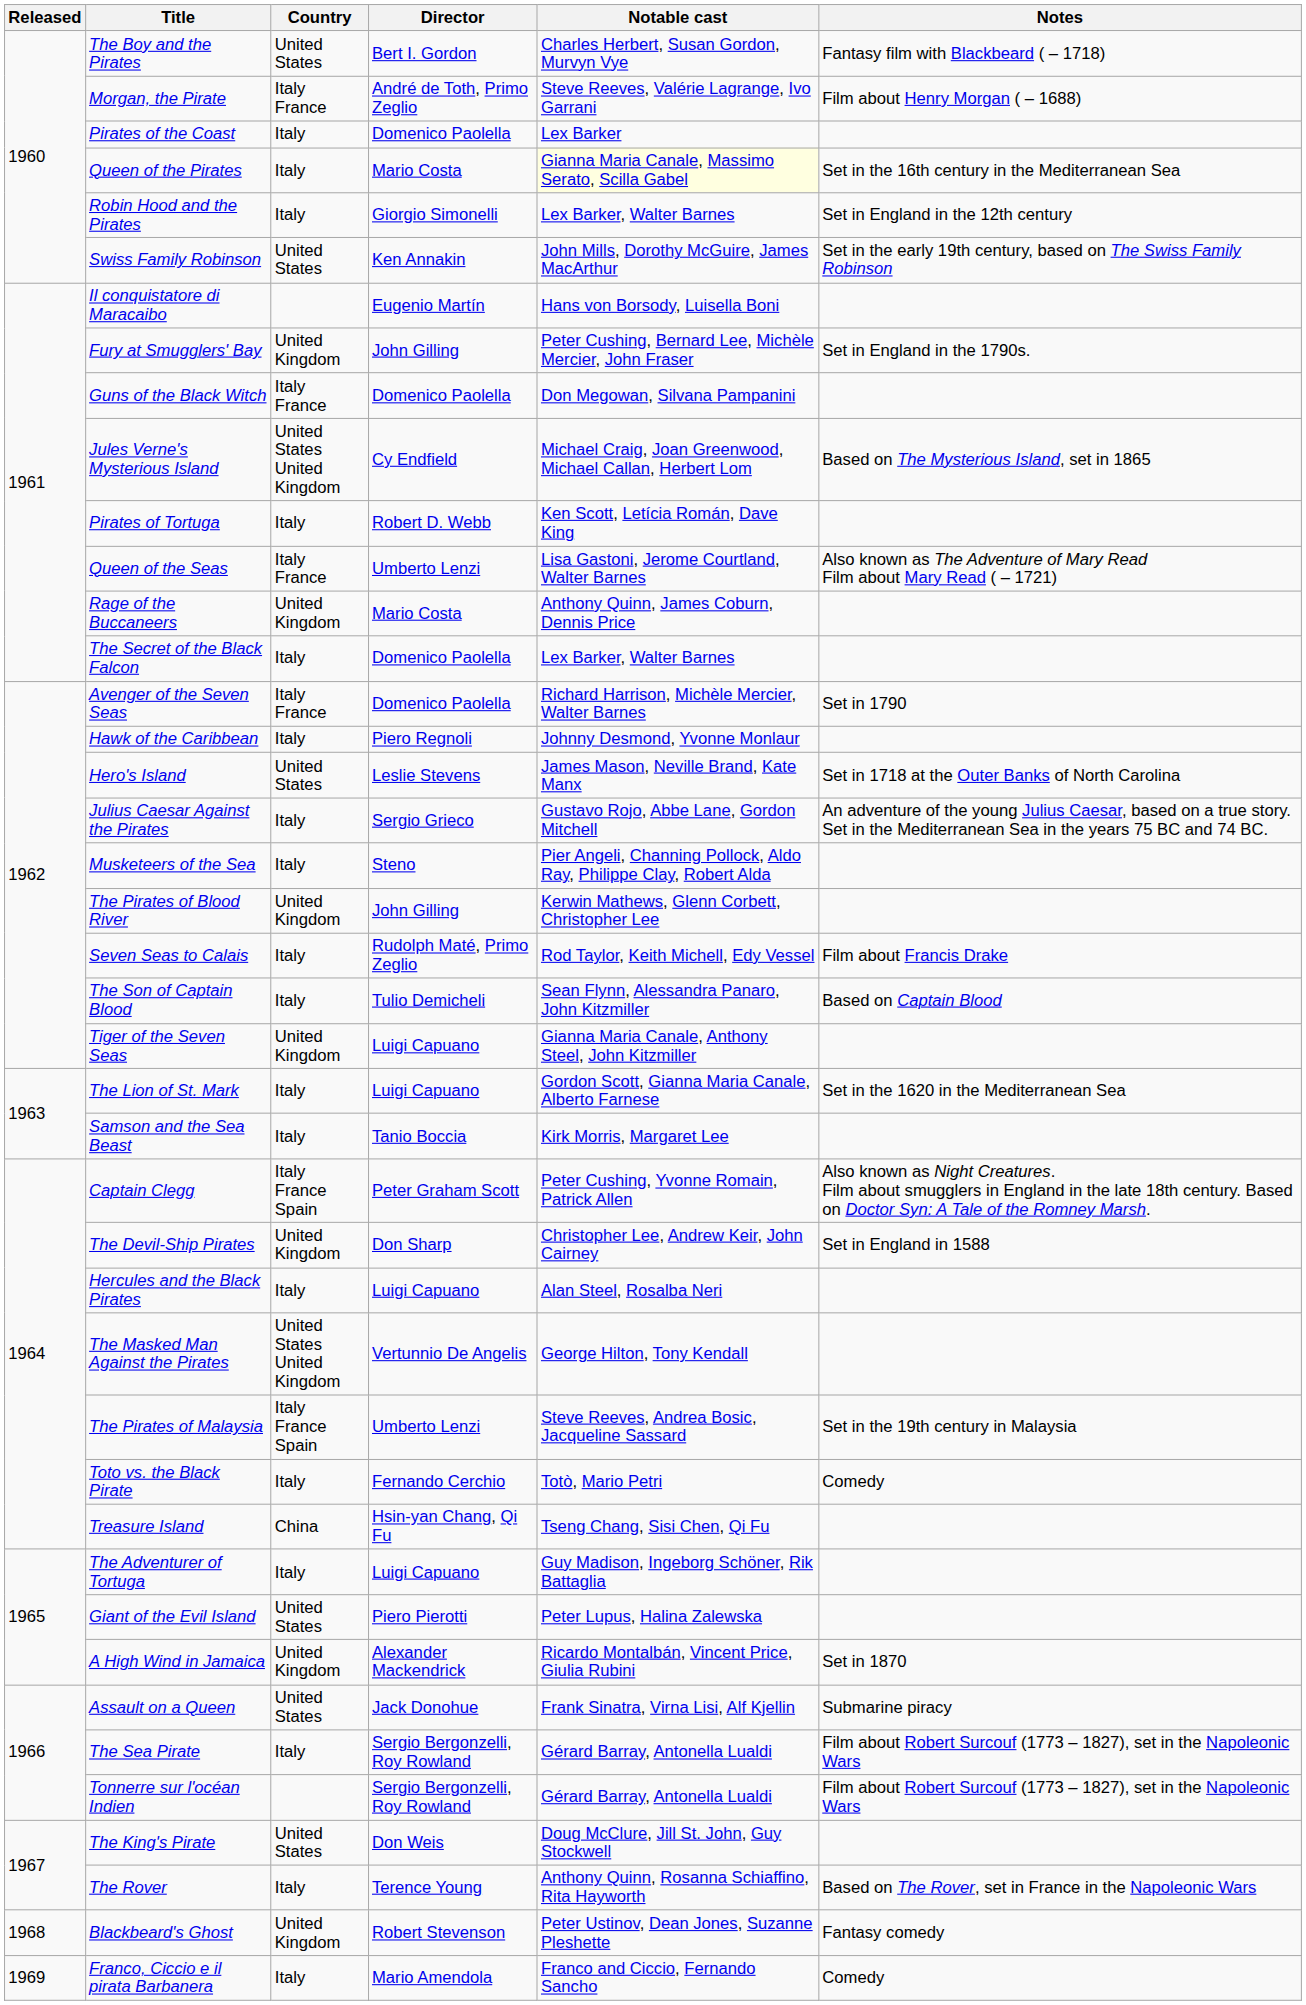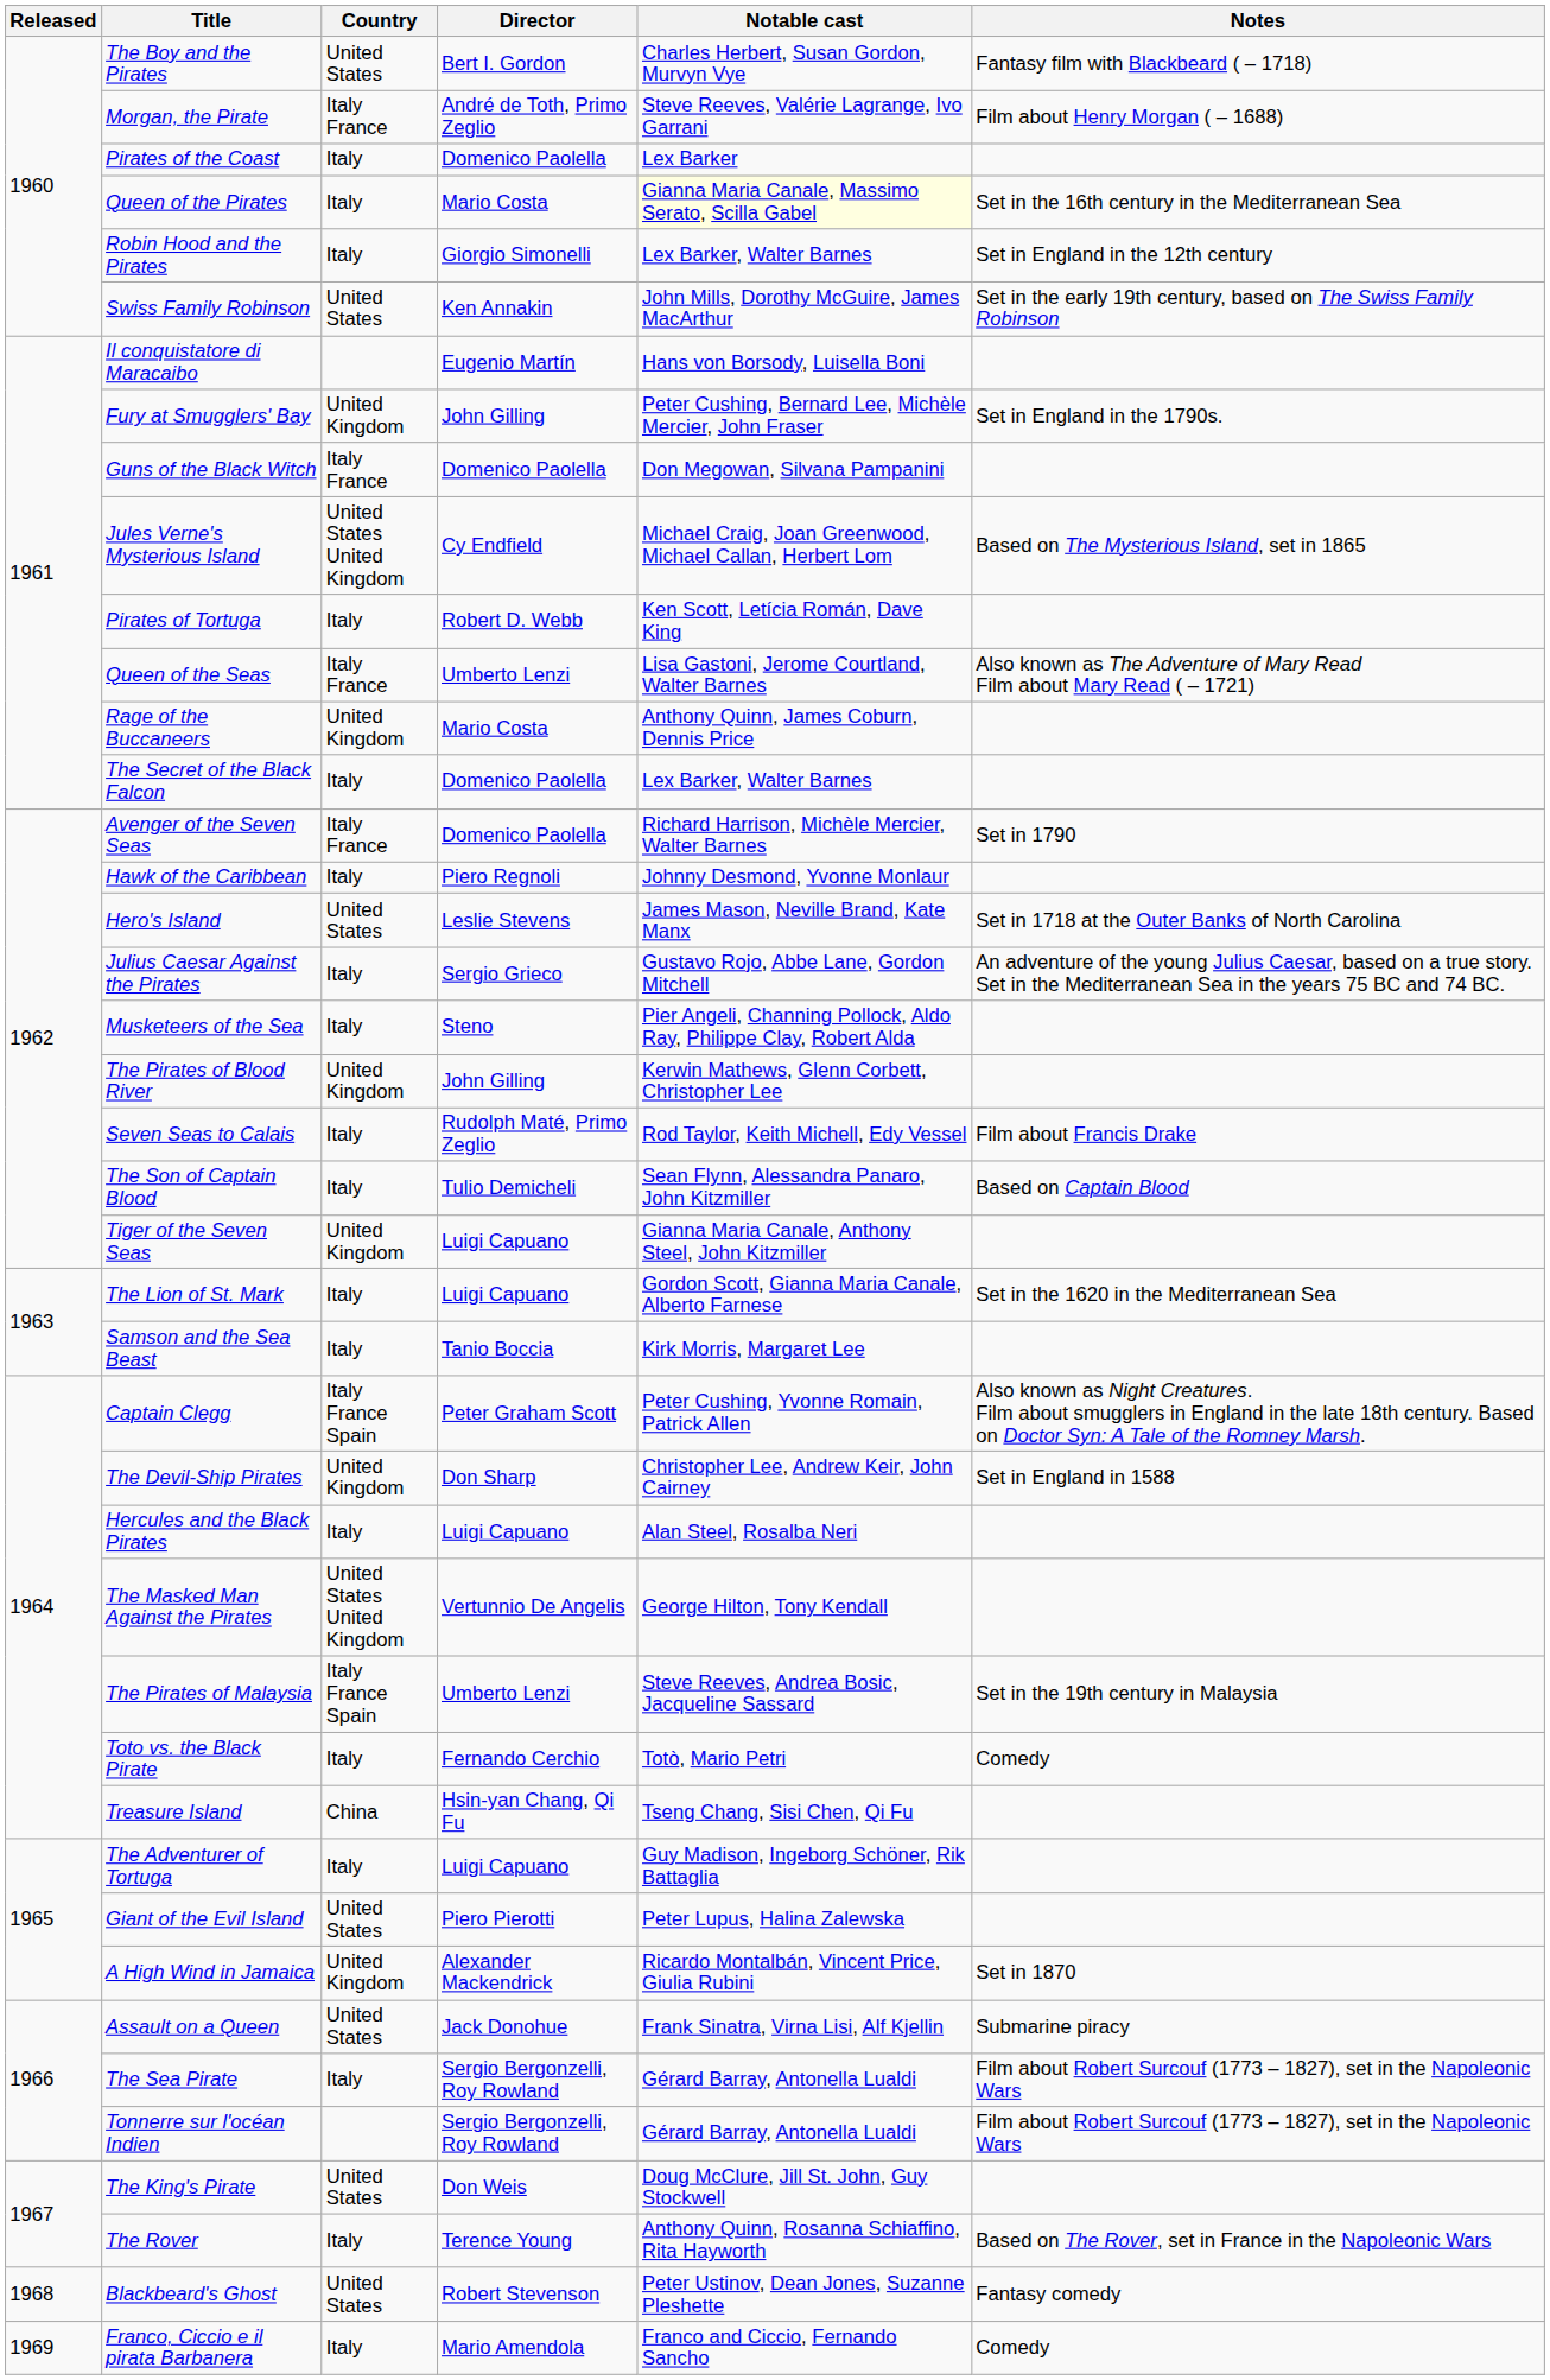 <table class="wikitable sortable">
 <tr>
 <th>Released</th>
 <th>Title</th>
 <th>Country</th>
 <th>Director</th>
 <th>Notable cast</th>
 <th>Notes</th>
 </tr>
 <tr>
 <td rowspan="6">1960</td>
 <td><em><a href='#'>The Boy and the Pirates</a></em></td>
 <td>United States</td>
 <td><a href='#'>Bert I. Gordon</a></td>
 <td><a href='#'>Charles Herbert</a>, <a href='#'>Susan Gordon</a>, <a href='#'>Murvyn Vye</a></td>
 <td>Fantasy film with <a href='#'>Blackbeard</a> ( – 1718)<br></td>
 </tr>
 <tr>
 <td><em><a href='#'>Morgan, the Pirate</a></em></td>
 <td>Italy<br>France</td>
 <td><a href='#'>André de Toth</a>, <a href='#'>Primo Zeglio</a></td>
 <td><a href='#'>Steve Reeves</a>, <a href='#'>Valérie Lagrange</a>, <a href='#'>Ivo Garrani</a></td>
 <td>Film about <a href='#'>Henry Morgan</a> ( – 1688)</td>
 </tr>
 <tr>
 <td><em><a href='#'>Pirates of the Coast</a></em></td>
 <td>Italy</td>
 <td><a href='#'>Domenico Paolella</a></td>
 <td><a href='#'>Lex Barker</a></td>
 <td></td>
 </tr>
 <tr>
 <td><em><a href='#'>Queen of the Pirates</a></em></td>
 <td>Italy</td>
 <td><a href='#'>Mario Costa</a></td>
 <td style="background: lightyellow;"><a href='#'>Gianna Maria Canale</a>, <a href='#'>Massimo Serato</a>, <a href='#'>Scilla Gabel</a></td>
 <td>Set in the 16th century in the Mediterranean Sea</td>
 </tr>
 <tr>
 <td><em><a href='#'>Robin Hood and the Pirates</a></em></td>
 <td>Italy</td>
 <td><a href='#'>Giorgio Simonelli</a></td>
 <td><a href='#'>Lex Barker</a>, <a href='#'>Walter Barnes</a></td>
 <td>Set in England in the 12th century</td>
 </tr>
 <tr>
 <td><em><a href='#'>Swiss Family Robinson</a></em></td>
 <td>United States</td>
 <td><a href='#'>Ken Annakin</a></td>
 <td><a href='#'>John Mills</a>, <a href='#'>Dorothy McGuire</a>, <a href='#'>James MacArthur</a></td>
 <td>Set in the early 19th century, based on <em><a href='#'>The Swiss Family Robinson</a></em></td>
 </tr>
 <tr>
 <td rowspan="8">1961</td>
 <td><em><a href='#'>Il conquistatore di Maracaibo</a></em></td>
 <td></td>
 <td><a href='#'>Eugenio Martín</a></td>
 <td><a href='#'>Hans von Borsody</a>, <a href='#'>Luisella Boni</a></td>
 <td></td>
 </tr>
 <tr>
 <td><em><a href='#'>Fury at Smugglers' Bay</a></em></td>
 <td>United Kingdom</td>
 <td><a href='#'>John Gilling</a></td>
 <td><a href='#'>Peter Cushing</a>, <a href='#'>Bernard Lee</a>, <a href='#'>Michèle Mercier</a>, <a href='#'>John Fraser</a></td>
 <td>Set in England in the 1790s.</td>
 </tr>
 <tr>
 <td><em><a href='#'>Guns of the Black Witch</a></em></td>
 <td>Italy<br>France</td>
 <td><a href='#'>Domenico Paolella</a></td>
 <td><a href='#'>Don Megowan</a>, <a href='#'>Silvana Pampanini</a></td>
 <td></td>
 </tr>
 <tr>
 <td><em><a href='#'>Jules Verne's Mysterious Island</a></em></td>
 <td>United States<br>United Kingdom</td>
 <td><a href='#'>Cy Endfield</a></td>
 <td><a href='#'>Michael Craig</a>, <a href='#'>Joan Greenwood</a>, <a href='#'>Michael Callan</a>, <a href='#'>Herbert Lom</a></td>
 <td>Based on <em><a href='#'>The Mysterious Island</a></em>, set in 1865</td>
 </tr>
 <tr>
 <td><em><a href='#'>Pirates of Tortuga</a></em></td>
 <td>Italy</td>
 <td><a href='#'>Robert D. Webb</a></td>
 <td><a href='#'>Ken Scott</a>, <a href='#'>Letícia Román</a>, <a href='#'>Dave King</a></td>
 <td></td>
 </tr>
 <tr>
 <td><em><a href='#'>Queen of the Seas</a></em></td>
 <td>Italy<br>France</td>
 <td><a href='#'>Umberto Lenzi</a></td>
 <td><a href='#'>Lisa Gastoni</a>, <a href='#'>Jerome Courtland</a>, <a href='#'>Walter Barnes</a></td>
 <td>Also known as <em>The Adventure of Mary Read</em><br>Film about <a href='#'>Mary Read</a> ( – 1721)</td>
 </tr>
 <tr>
 <td><em><a href='#'>Rage of the Buccaneers</a></em></td>
 <td>United Kingdom</td>
 <td><a href='#'>Mario Costa</a></td>
 <td><a href='#'>Anthony Quinn</a>, <a href='#'>James Coburn</a>, <a href='#'>Dennis Price</a></td>
 <td></td>
 </tr>
 <tr>
 <td><em><a href='#'>The Secret of the Black Falcon</a></em></td>
 <td>Italy</td>
 <td><a href='#'>Domenico Paolella</a></td>
 <td><a href='#'>Lex Barker</a>, <a href='#'>Walter Barnes</a></td>
 <td></td>
 </tr>
 <tr>
 <td rowspan="9">1962</td>
 <td><em><a href='#'>Avenger of the Seven Seas</a></em></td>
 <td>Italy<br>France</td>
 <td><a href='#'>Domenico Paolella</a></td>
 <td><a href='#'>Richard Harrison</a>, <a href='#'>Michèle Mercier</a>, <a href='#'>Walter Barnes</a></td>
 <td>Set in 1790</td>
 </tr>
 <tr>
 <td><em><a href='#'>Hawk of the Caribbean</a></em></td>
 <td>Italy</td>
 <td><a href='#'>Piero Regnoli</a></td>
 <td><a href='#'>Johnny Desmond</a>, <a href='#'>Yvonne Monlaur</a></td>
 <td></td>
 </tr>
 <tr>
 <td><em><a href='#'>Hero's Island</a></em></td>
 <td>United States</td>
 <td><a href='#'>Leslie Stevens</a></td>
 <td><a href='#'>James Mason</a>, <a href='#'>Neville Brand</a>, <a href='#'>Kate Manx</a></td>
 <td>Set in 1718 at the <a href='#'>Outer Banks</a> of North Carolina</td>
 </tr>
 <tr>
 <td><em><a href='#'>Julius Caesar Against the Pirates</a></em></td>
 <td>Italy</td>
 <td><a href='#'>Sergio Grieco</a></td>
 <td><a href='#'>Gustavo Rojo</a>, <a href='#'>Abbe Lane</a>, <a href='#'>Gordon Mitchell</a></td>
 <td>An adventure of the young <a href='#'>Julius Caesar</a>, based on a true story. Set in the Mediterranean Sea in the years 75 BC and 74 BC.</td>
 </tr>
 <tr>
 <td><em><a href='#'>Musketeers of the Sea</a></em></td>
 <td>Italy</td>
 <td><a href='#'>Steno</a></td>
 <td><a href='#'>Pier Angeli</a>, <a href='#'>Channing Pollock</a>, <a href='#'>Aldo Ray</a>, <a href='#'>Philippe Clay</a>, <a href='#'>Robert Alda</a></td>
 <td></td>
 </tr>
 <tr>
 <td><em><a href='#'>The Pirates of Blood River</a></em></td>
 <td>United Kingdom</td>
 <td><a href='#'>John Gilling</a></td>
 <td><a href='#'>Kerwin Mathews</a>, <a href='#'>Glenn Corbett</a>, <a href='#'>Christopher Lee</a></td>
 <td></td>
 </tr>
 <tr>
 <td><em><a href='#'>Seven Seas to Calais</a></em></td>
 <td>Italy</td>
 <td><a href='#'>Rudolph Maté</a>, <a href='#'>Primo Zeglio</a></td>
 <td><a href='#'>Rod Taylor</a>, <a href='#'>Keith Michell</a>, <a href='#'>Edy Vessel</a></td>
 <td>Film about <a href='#'>Francis Drake</a></td>
 </tr>
 <tr>
 <td><em><a href='#'>The Son of Captain Blood</a></em></td>
 <td>Italy</td>
 <td><a href='#'>Tulio Demicheli</a></td>
 <td><a href='#'>Sean Flynn</a>, <a href='#'>Alessandra Panaro</a>, <a href='#'>John Kitzmiller</a></td>
 <td>Based on <em><a href='#'>Captain Blood</a></em></td>
 </tr>
 <tr>
 <td><em><a href='#'>Tiger of the Seven Seas</a></em></td>
 <td>United Kingdom</td>
 <td><a href='#'>Luigi Capuano</a></td>
 <td><a href='#'>Gianna Maria Canale</a>, <a href='#'>Anthony Steel</a>, <a href='#'>John Kitzmiller</a></td>
 <td></td>
 </tr>
 <tr>
 <td rowspan="2">1963</td>
 <td><em><a href='#'>The Lion of St. Mark</a></em></td>
 <td>Italy</td>
 <td><a href='#'>Luigi Capuano</a></td>
 <td><a href='#'>Gordon Scott</a>, <a href='#'>Gianna Maria Canale</a>, <a href='#'>Alberto Farnese</a></td>
 <td>Set in the 1620 in the Mediterranean Sea</td>
 </tr>
 <tr>
 <td><em><a href='#'>Samson and the Sea Beast</a></em></td>
 <td>Italy</td>
 <td><a href='#'>Tanio Boccia</a></td>
 <td><a href='#'>Kirk Morris</a>, <a href='#'>Margaret Lee</a></td>
 <td></td>
 </tr>
 <tr>
 <td rowspan="7">1964</td>
 <td><em><a href='#'>Captain Clegg</a></em></td>
 <td>Italy<br>France Spain</td>
 <td><a href='#'>Peter Graham Scott</a></td>
 <td><a href='#'>Peter Cushing</a>, <a href='#'>Yvonne Romain</a>, <a href='#'>Patrick Allen</a></td>
 <td>Also known as <em>Night Creatures</em>.<br>Film about smugglers in England in the late 18th century. Based on <em><a href='#'>Doctor Syn: A Tale of the Romney Marsh</a></em>.</td>
 </tr>
 <tr>
 <td><em><a href='#'>The Devil-Ship Pirates</a></em></td>
 <td>United Kingdom</td>
 <td><a href='#'>Don Sharp</a></td>
 <td><a href='#'>Christopher Lee</a>, <a href='#'>Andrew Keir</a>, <a href='#'>John Cairney</a></td>
 <td>Set in England in 1588</td>
 </tr>
 <tr>
 <td><em><a href='#'>Hercules and the Black Pirates</a></em></td>
 <td>Italy</td>
 <td><a href='#'>Luigi Capuano</a></td>
 <td><a href='#'>Alan Steel</a>, <a href='#'>Rosalba Neri</a></td>
 <td></td>
 </tr>
 <tr>
 <td><em><a href='#'>The Masked Man Against the Pirates</a></em></td>
 <td>United States<br>United Kingdom</td>
 <td><a href='#'>Vertunnio De Angelis</a></td>
 <td><a href='#'>George Hilton</a>, <a href='#'>Tony Kendall</a></td>
 <td></td>
 </tr>
 <tr>
 <td><em><a href='#'>The Pirates of Malaysia</a></em></td>
 <td>Italy<br>France Spain</td>
 <td><a href='#'>Umberto Lenzi</a></td>
 <td><a href='#'>Steve Reeves</a>, <a href='#'>Andrea Bosic</a>, <a href='#'>Jacqueline Sassard</a></td>
 <td>Set in the 19th century in Malaysia</td>
 </tr>
 <tr>
 <td><em><a href='#'>Toto vs. the Black Pirate</a></em></td>
 <td>Italy</td>
 <td><a href='#'>Fernando Cerchio</a></td>
 <td><a href='#'>Totò</a>, <a href='#'>Mario Petri</a></td>
 <td>Comedy</td>
 </tr>
 <tr>
 <td><em><a href='#'>Treasure Island</a></em></td>
 <td>China</td>
 <td><a href='#'>Hsin-yan Chang</a>, <a href='#'>Qi Fu</a></td>
 <td><a href='#'>Tseng Chang</a>, <a href='#'>Sisi Chen</a>, <a href='#'>Qi Fu</a></td>
 <td></td>
 </tr>
 <tr>
 <td rowspan="3">1965</td>
 <td><em><a href='#'>The Adventurer of Tortuga</a></em></td>
 <td>Italy</td>
 <td><a href='#'>Luigi Capuano</a></td>
 <td><a href='#'>Guy Madison</a>, <a href='#'>Ingeborg Schöner</a>, <a href='#'>Rik Battaglia</a></td>
 <td></td>
 </tr>
 <tr>
 <td><em><a href='#'>Giant of the Evil Island</a></em></td>
 <td>United States</td>
 <td><a href='#'>Piero Pierotti</a></td>
 <td><a href='#'>Peter Lupus</a>, <a href='#'>Halina Zalewska</a></td>
 <td></td>
 </tr>
 <tr>
 <td><em><a href='#'>A High Wind in Jamaica</a></em></td>
 <td>United Kingdom</td>
 <td><a href='#'>Alexander Mackendrick</a></td>
 <td><a href='#'>Ricardo Montalbán</a>, <a href='#'>Vincent Price</a>, <a href='#'>Giulia Rubini</a></td>
 <td>Set in 1870</td>
 </tr>
 <tr>
 <td rowspan="3">1966</td>
 <td><em><a href='#'>Assault on a Queen</a></em></td>
 <td>United States</td>
 <td><a href='#'>Jack Donohue</a></td>
 <td><a href='#'>Frank Sinatra</a>, <a href='#'>Virna Lisi</a>, <a href='#'>Alf Kjellin</a></td>
 <td>Submarine piracy</td>
 </tr>
 <tr>
 <td><em><a href='#'>The Sea Pirate</a></em></td>
 <td>Italy</td>
 <td><a href='#'>Sergio Bergonzelli</a>, <a href='#'>Roy Rowland</a></td>
 <td><a href='#'>Gérard Barray</a>, <a href='#'>Antonella Lualdi</a></td>
 <td>Film about <a href='#'>Robert Surcouf</a> (1773 – 1827), set in the <a href='#'>Napoleonic Wars</a></td>
 </tr>
 <tr>
 <td><em><a href='#'>Tonnerre sur l'océan Indien</a></em></td>
 <td></td>
 <td><a href='#'>Sergio Bergonzelli</a>, <a href='#'>Roy Rowland</a></td>
 <td><a href='#'>Gérard Barray</a>, <a href='#'>Antonella Lualdi</a></td>
 <td>Film about <a href='#'>Robert Surcouf</a> (1773 – 1827), set in the <a href='#'>Napoleonic Wars</a></td>
 </tr>
 <tr>
 <td rowspan="2">1967</td>
 <td><em><a href='#'>The King's Pirate</a></em></td>
 <td>United States</td>
 <td><a href='#'>Don Weis</a></td>
 <td><a href='#'>Doug McClure</a>, <a href='#'>Jill St. John</a>, <a href='#'>Guy Stockwell</a></td>
 <td></td>
 </tr>
 <tr>
 <td><em><a href='#'>The Rover</a></em></td>
 <td>Italy</td>
 <td><a href='#'>Terence Young</a></td>
 <td><a href='#'>Anthony Quinn</a>, <a href='#'>Rosanna Schiaffino</a>, <a href='#'>Rita Hayworth</a></td>
 <td>Based on <em><a href='#'>The Rover</a></em>, set in France in the <a href='#'>Napoleonic Wars</a></td>
 </tr>
 <tr>
 <td>1968</td>
 <td><em><a href='#'>Blackbeard's Ghost</a></em></td>
-<td>United Kingdom</td>
+<td>United States</td>
 <td><a href='#'>Robert Stevenson</a></td>
 <td><a href='#'>Peter Ustinov</a>, <a href='#'>Dean Jones</a>, <a href='#'>Suzanne Pleshette</a></td>
 <td>Fantasy comedy</td>
 </tr>
 <tr>
 <td>1969</td>
 <td><em><a href='#'>Franco, Ciccio e il pirata Barbanera</a></em></td>
 <td>Italy</td>
 <td><a href='#'>Mario Amendola</a></td>
 <td><a href='#'>Franco and Ciccio</a>, <a href='#'>Fernando Sancho</a></td>
 <td>Comedy</td>
 </tr>
 </table>
